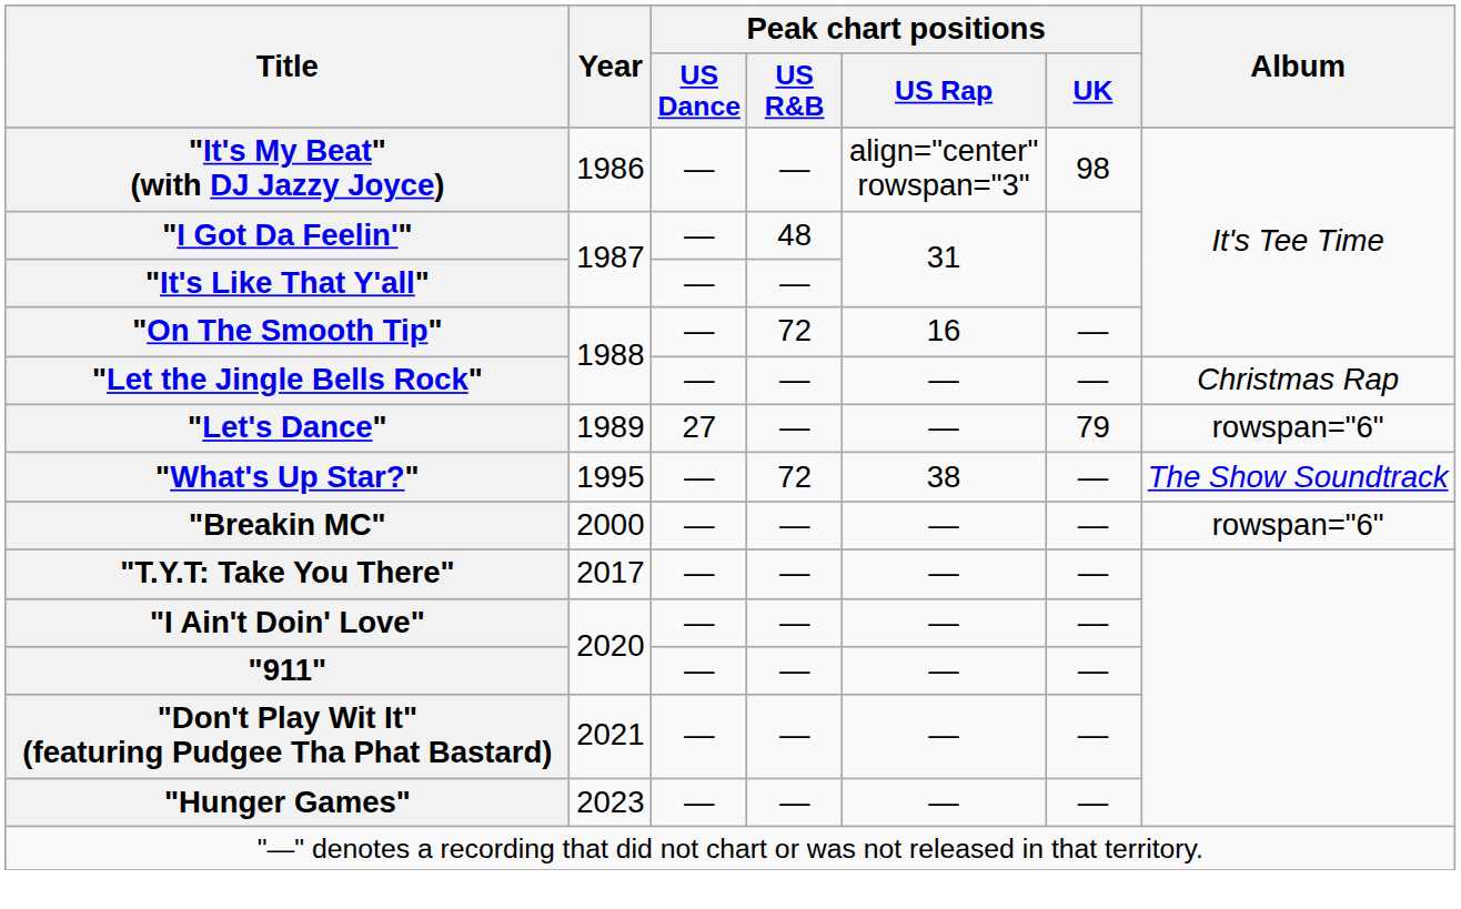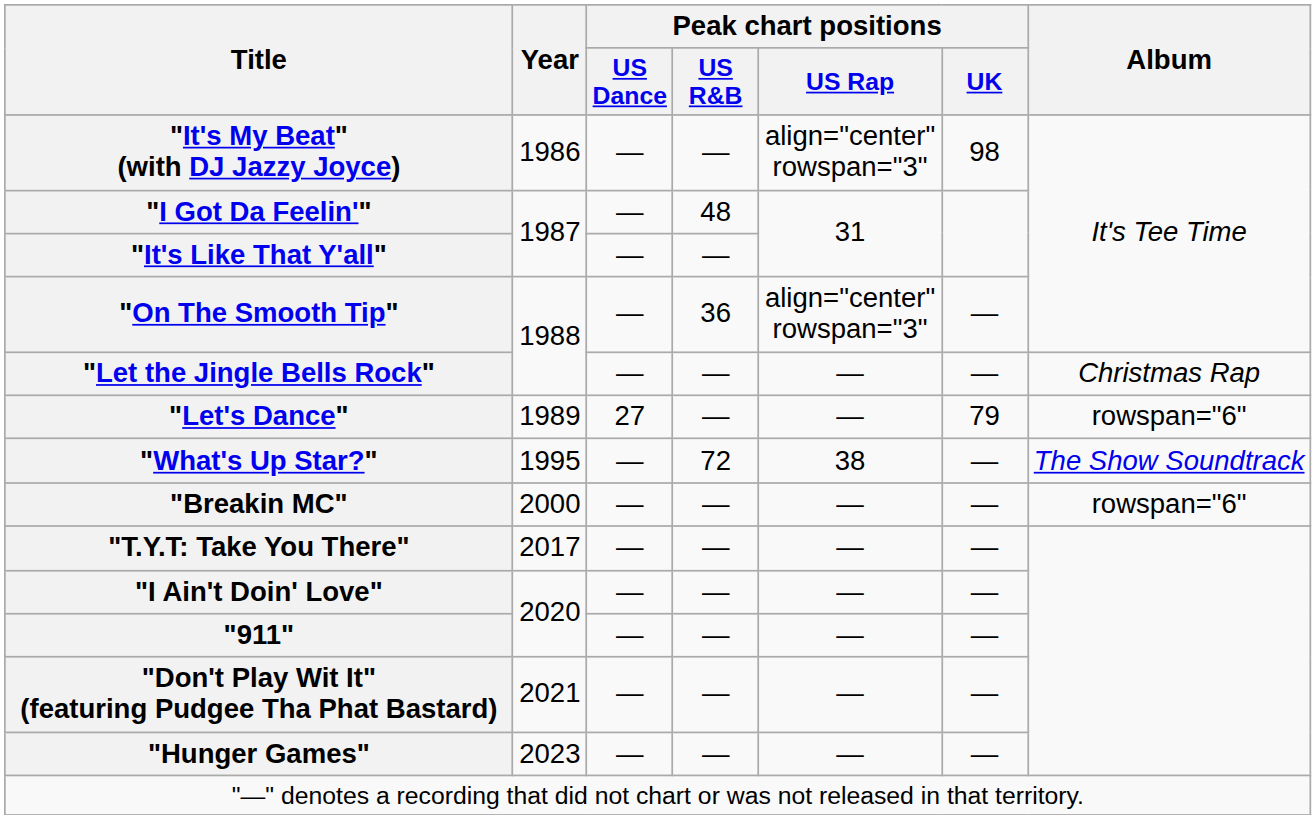 <table class="wikitable plainrowheaders" style="text-align:center;" border="1">
 <tr>
 <th scope="col" rowspan="2" style="width:18em;">Title</th>
 <th scope="col" rowspan="2">Year</th>
 <th scope="col" colspan="4">Peak chart positions</th>
 <th scope="col" rowspan="2">Album</th>
 </tr>
 <tr>
 <th scope="col" style="width:3em;font-size:90%;"><a href='#'>US Dance</a><br></th>
 <th scope="col" style="width:3em;font-size:90%;"><a href='#'>US R&B</a><br></th>
 <th scope="col" style="width:3em;font-size:90%;"><a href='#'>US Rap</a><br></th>
 <th scope="col" style="width:3em;font-size:90%;"><a href='#'>UK</a><br></th>
 </tr>
 <tr>
 <th scope="row">"<a href='#'>It's My Beat</a>"<br><span>(with <a href='#'>DJ Jazzy Joyce</a>)</span></th>
 <td>1986</td>
 <td align="center">—</td>
 <td align="center">—</td>
 <td>align="center" rowspan="3" </td>
 <td align="center">98</td>
 <td rowspan="4"><em>It's Tee Time</em></td>
 </tr>
 <tr>
 <th scope="row">"<a href='#'>I Got Da Feelin'</a>"</th>
 <td rowspan="2">1987</td>
 <td align="center">—</td>
 <td align="center">48</td>
 <td align="center" rowspan="2">31</td>
 </tr>
 <tr>
 <th scope="row">"<a href='#'>It's Like That Y'all</a>"</th>
 <td align="center">—</td>
 <td align="center">—</td>
 </tr>
 <tr>
 <th scope="row">"<a href='#'>On The Smooth Tip</a>"</th>
 <td rowspan="2">1988</td>
 <td align="center">—</td>
-<td align="center">72</td>
-<td align="center">16</td>
+<td align="center">36</td>
+<td>align="center" rowspan="3" </td>
 <td align="center">—</td>
 </tr>
 <tr>
 <th scope="row">"<a href='#'>Let the Jingle Bells Rock</a>"</th>
 <td align="center">—</td>
 <td align="center">—</td>
 <td align="center">—</td>
 <td align="center">—</td>
 <td><em>Christmas Rap</em></td>
 </tr>
 <tr>
 <th scope="row">"<a href='#'>Let's Dance</a>"</th>
 <td>1989</td>
 <td align="center">27</td>
 <td align="center">—</td>
 <td align="center">—</td>
 <td align="center">79</td>
 <td>rowspan="6" </td>
 </tr>
 <tr>
 <th scope="row">"<a href='#'>What's Up Star?</a>"</th>
 <td>1995</td>
 <td align="center">—</td>
 <td align="center">72</td>
 <td align="center">38</td>
 <td align="center">—</td>
 <td><em><a href='#'>The Show Soundtrack</a></em></td>
 </tr>
 <tr>
 <th scope="row">"Breakin MC"</th>
 <td>2000</td>
 <td align="center">—</td>
 <td align="center">—</td>
 <td align="center">—</td>
 <td align="center">—</td>
 <td>rowspan="6" </td>
 </tr>
 <tr>
 <th scope="row">"T.Y.T: Take You There"</th>
 <td>2017</td>
 <td align="center">—</td>
 <td align="center">—</td>
 <td align="center">—</td>
 <td align="center">—</td>
 </tr>
 <tr>
 <th scope="row">"I Ain't Doin' Love"</th>
 <td rowspan="2">2020</td>
 <td align="center">—</td>
 <td align="center">—</td>
 <td align="center">—</td>
 <td align="center">—</td>
 </tr>
 <tr>
 <th scope="row">"911"</th>
 <td align="center">—</td>
 <td align="center">—</td>
 <td align="center">—</td>
 <td align="center">—</td>
 </tr>
 <tr>
 <th scope="row">"Don't Play Wit It"<br><span>(featuring Pudgee Tha Phat Bastard)</span></th>
 <td>2021</td>
 <td align="center">—</td>
 <td align="center">—</td>
 <td align="center">—</td>
 <td align="center">—</td>
 </tr>
 <tr>
 <th scope="row">"Hunger Games"</th>
 <td>2023</td>
 <td align="center">—</td>
 <td align="center">—</td>
 <td align="center">—</td>
 <td align="center">—</td>
 </tr>
 <tr>
 <td colspan="15" style="font-size:90%">"—" denotes a recording that did not chart or was not released in that territory.</td>
 </tr>
 </table>
